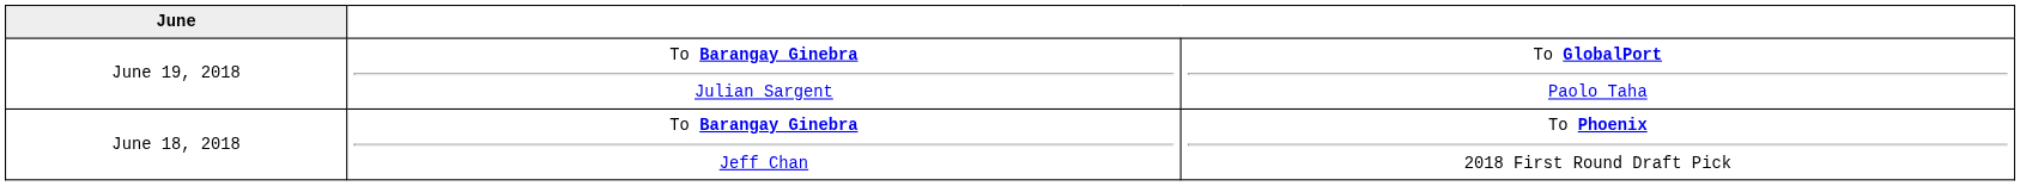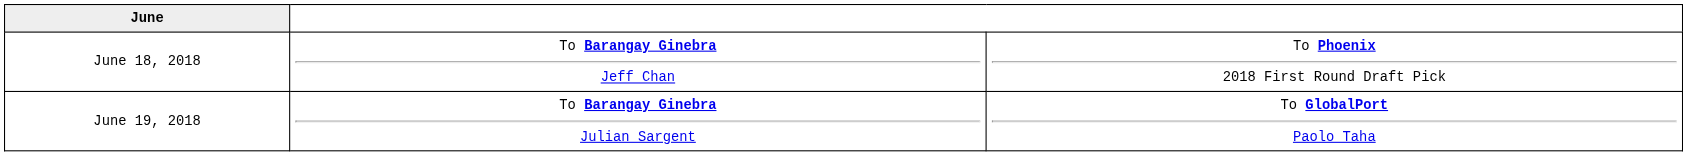 <table border=1 style="border-collapse:collapse; text-align: center; width: 100%" bordercolor="#000000"  cellpadding="5">
 <tr bgcolor="eeeeee">
 <th>June</th>
+</tr>
+<tr>
+<td style="width:12%">June 18, 2018</td>
+<td style="width:29.3%" valign="top">To <strong><a href='#'>Barangay Ginebra</a></strong><hr><a href='#'>Jeff Chan</a></td>
+<td style="width:29.3%" valign="top">To <strong><a href='#'>Phoenix</a></strong><hr>2018 First Round Draft Pick</td>
 </tr>
 <tr>
 <td style="width:12%">June 19, 2018</td>
 <td style="width:29.3%" valign="top">To <strong><a href='#'>Barangay Ginebra</a></strong><hr><a href='#'>Julian Sargent</a></td>
 <td style="width:29.3%" valign="top">To <strong><a href='#'>GlobalPort</a></strong><hr><a href='#'>Paolo Taha</a></td>
 </tr>
-<tr>
-<td style="width:12%">June 18, 2018</td>
-<td style="width:29.3%" valign="top">To <strong><a href='#'>Barangay Ginebra</a></strong><hr><a href='#'>Jeff Chan</a></td>
-<td style="width:29.3%" valign="top">To <strong><a href='#'>Phoenix</a></strong><hr>2018 First Round Draft Pick</td>
-</tr>
 </table>
